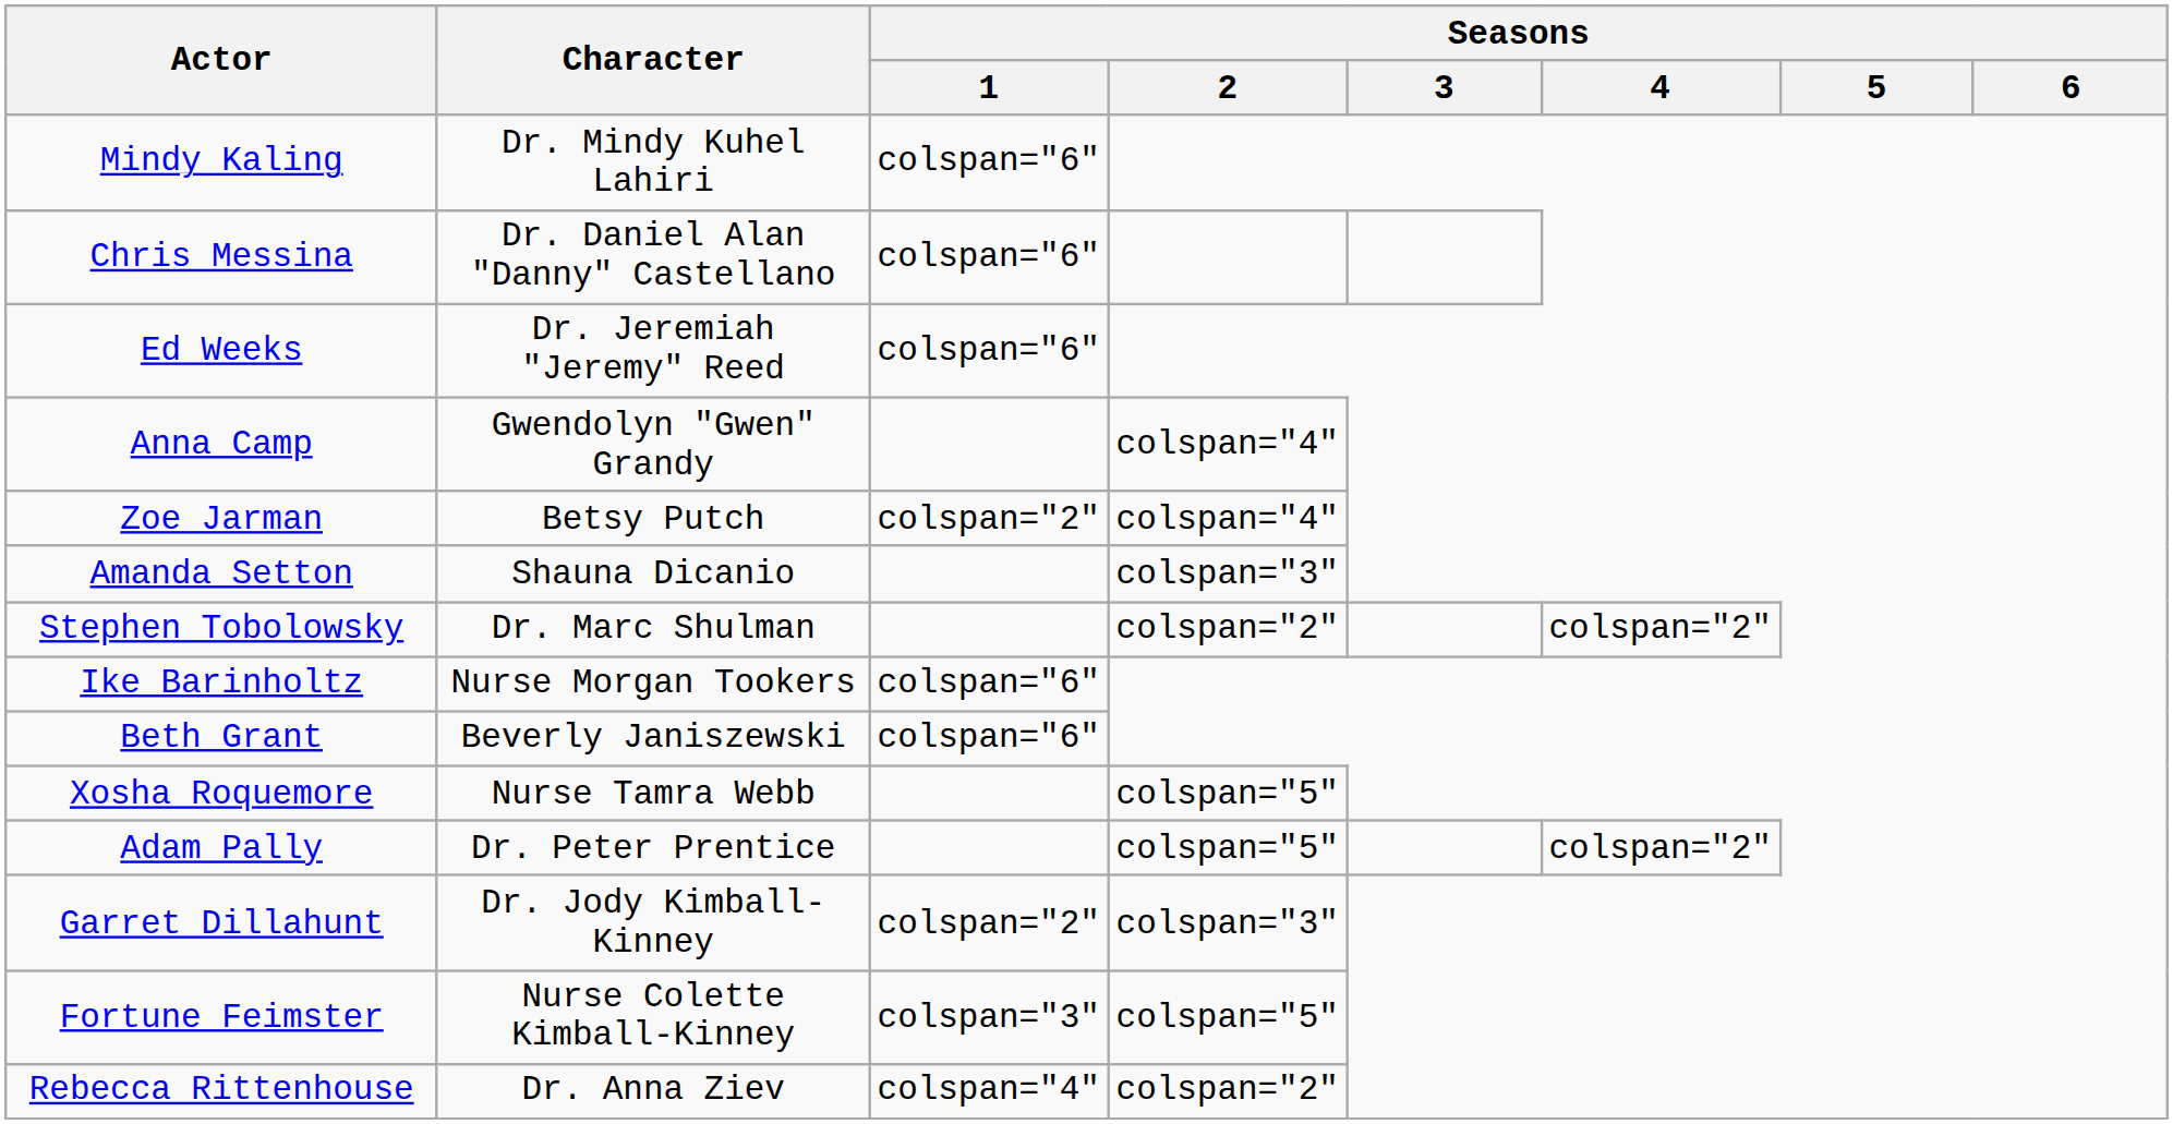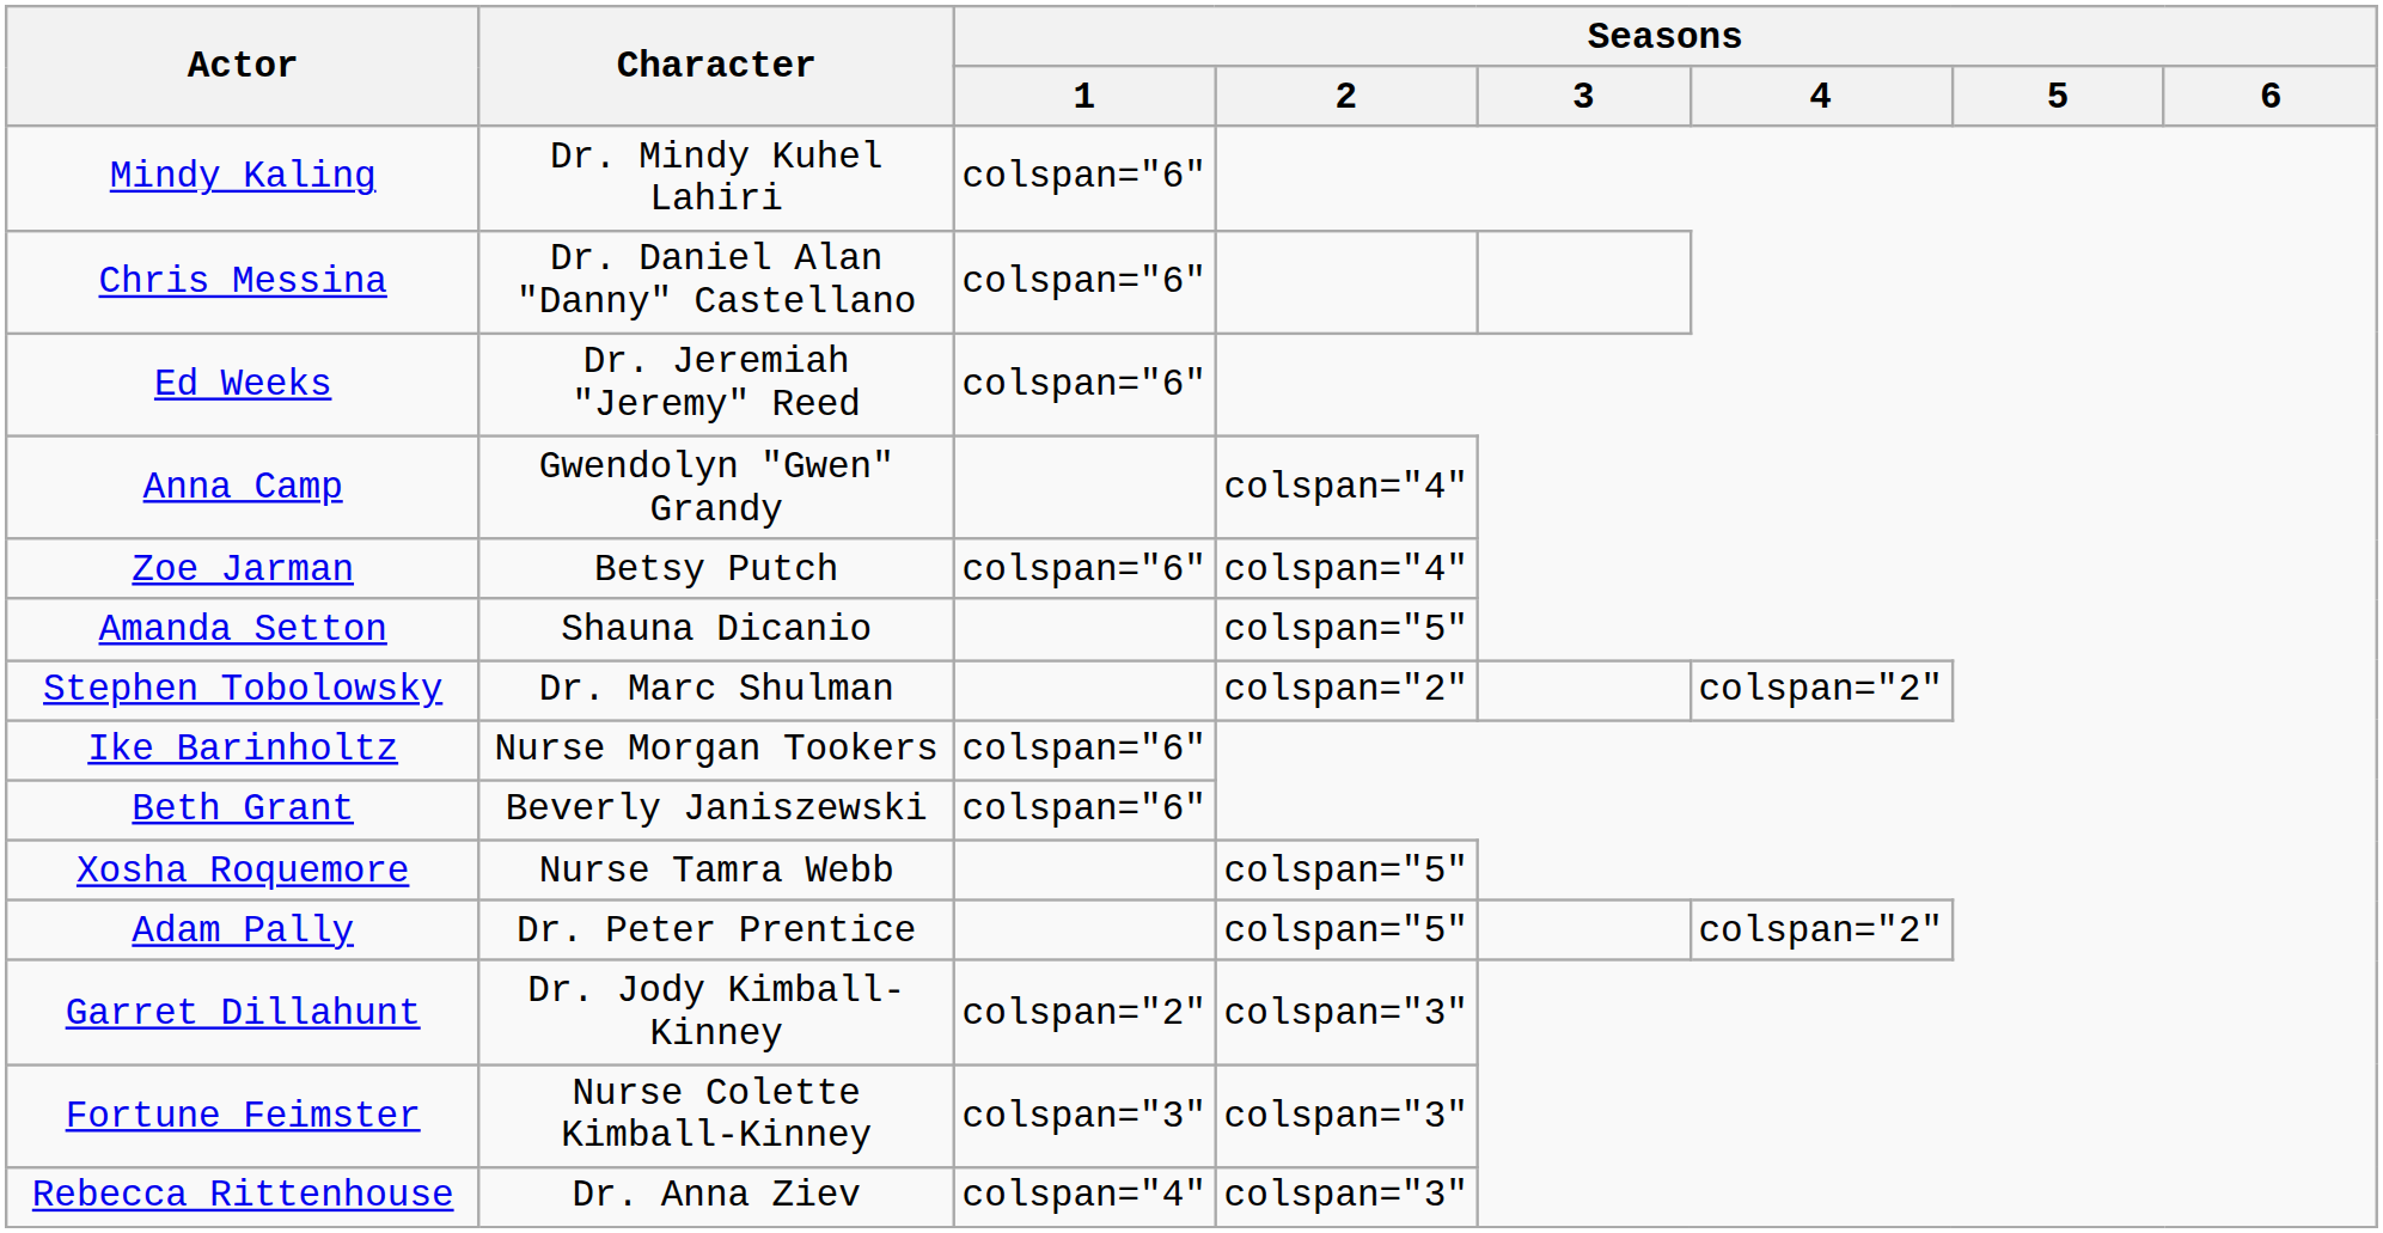 <table class="wikitable plainrowheaders" style="text-align:center; width:66%;">
 <tr>
 <th scope="col" rowspan="2" style="width:20%;">Actor</th>
 <th scope="col" rowspan="2" style="width:20%;">Character</th>
 <th scope="col" colspan="6">Seasons</th>
 </tr>
 <tr>
 <th scope="col" style="width:9%;">1</th>
 <th scope="col" style="width:9%;">2</th>
 <th scope="col" style="width:9%;">3</th>
 <th scope="col" style="width:9%;">4</th>
 <th scope="col" style="width:9%;">5</th>
 <th scope="col" style="width:9%;">6</th>
 </tr>
 <tr>
 <td><a href='#'>Mindy Kaling</a></td>
 <td scope="row">Dr. Mindy Kuhel Lahiri</td>
 <td>colspan="6" </td>
 </tr>
 <tr>
 <td><a href='#'>Chris Messina</a></td>
 <td scope="row">Dr. Daniel Alan "Danny" Castellano</td>
 <td>colspan="6" </td>
 <td></td>
 <td></td>
 </tr>
 <tr>
 <td><a href='#'>Ed Weeks</a></td>
 <td scope="row">Dr. Jeremiah "Jeremy" Reed</td>
 <td>colspan="6" </td>
 </tr>
 <tr>
 <td><a href='#'>Anna Camp</a></td>
 <td scope="row">Gwendolyn "Gwen" Grandy</td>
 <td></td>
 <td>colspan="4" </td>
 </tr>
 <tr>
 <td><a href='#'>Zoe Jarman</a></td>
 <td scope="row">Betsy Putch</td>
-<td>colspan="2" </td>
+<td>colspan="6" </td>
 <td>colspan="4" </td>
 </tr>
 <tr>
 <td><a href='#'>Amanda Setton</a></td>
 <td scope="row">Shauna Dicanio</td>
 <td></td>
-<td>colspan="3" </td>
+<td>colspan="5" </td>
 </tr>
 <tr>
 <td><a href='#'>Stephen Tobolowsky</a></td>
 <td scope="row">Dr. Marc Shulman</td>
 <td></td>
 <td>colspan="2" </td>
 <td></td>
 <td>colspan="2" </td>
 </tr>
 <tr>
 <td><a href='#'>Ike Barinholtz</a></td>
 <td scope="row">Nurse Morgan Tookers</td>
 <td>colspan="6" </td>
 </tr>
 <tr>
 <td><a href='#'>Beth Grant</a></td>
 <td scope="row">Beverly Janiszewski</td>
 <td>colspan="6" </td>
 </tr>
 <tr>
 <td><a href='#'>Xosha Roquemore</a></td>
 <td scope="row">Nurse Tamra Webb</td>
 <td></td>
 <td>colspan="5" </td>
 </tr>
 <tr>
 <td><a href='#'>Adam Pally</a></td>
 <td scope="row">Dr. Peter Prentice</td>
 <td></td>
 <td>colspan="5" </td>
 <td></td>
 <td>colspan="2" </td>
 </tr>
 <tr>
 <td><a href='#'>Garret Dillahunt</a></td>
 <td scope="row">Dr. Jody Kimball-Kinney</td>
 <td>colspan="2" </td>
 <td>colspan="3" </td>
 </tr>
 <tr>
 <td><a href='#'>Fortune Feimster</a></td>
 <td scope="row">Nurse Colette Kimball-Kinney</td>
 <td>colspan="3" </td>
-<td>colspan="5" </td>
+<td>colspan="3" </td>
 </tr>
 <tr>
 <td><a href='#'>Rebecca Rittenhouse</a></td>
 <td scope="row">Dr. Anna Ziev</td>
 <td>colspan="4" </td>
-<td>colspan="2" </td>
+<td>colspan="3" </td>
 </tr>
 </table>
